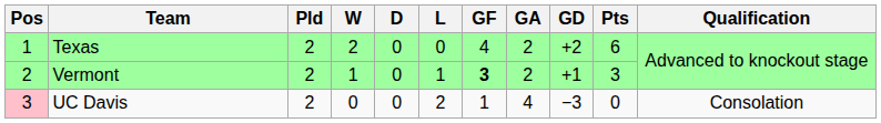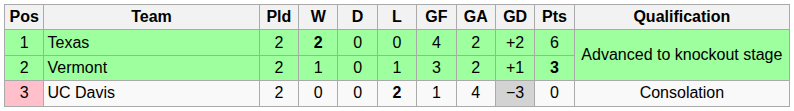 <table class="wikitable" style="text-align:center; margin: 1em auto">
 <tr>
 <th style="width:2em">Pos</th>
 <th style="width:13em">Team</th>
 <th style="width:2em">Pld</th>
 <th style="width:2em">W</th>
 <th style="width:2em">D</th>
 <th style="width:2em">L</th>
 <th style="width:2em">GF</th>
 <th style="width:2em">GA</th>
 <th style="width:2em">GD</th>
 <th style="width:2em">Pts</th>
 <th style="width:13em">Qualification</th>
 </tr>
 <tr bgcolor="#9eff9e">
 <td>1</td>
 <td style="text-align:left">Texas</td>
 <td>2</td>
-<td>2</td>
+<td><strong>2</strong></td>
 <td>0</td>
 <td>0</td>
 <td>4</td>
 <td>2</td>
 <td>+2</td>
 <td>6</td>
 <td rowspan="2">Advanced to knockout stage</td>
 </tr>
 <tr bgcolor="#9eff9e">
 <td>2</td>
 <td style="text-align:left">Vermont</td>
 <td>2</td>
 <td>1</td>
 <td>0</td>
 <td>1</td>
-<td><strong>3</strong></td>
+<td>3</td>
 <td>2</td>
 <td>+1</td>
-<td>3</td>
+<td><strong>3</strong></td>
 </tr>
 <tr>
 <td style="background: pink;">3</td>
 <td style="text-align:left">UC Davis</td>
 <td>2</td>
 <td>0</td>
 <td>0</td>
-<td>2</td>
+<td><strong>2</strong></td>
 <td>1</td>
 <td>4</td>
-<td>−3</td>
+<td style="background: lightgrey;">−3</td>
 <td>0</td>
 <td>Consolation</td>
 </tr>
 </table>
